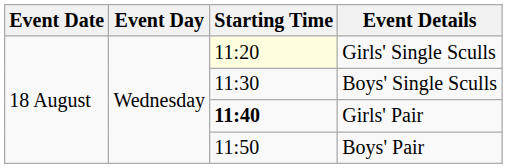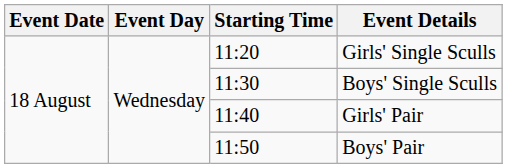 <table class="wikitable">
 <tr>
 <th>Event Date</th>
 <th>Event Day</th>
 <th>Starting Time</th>
 <th>Event Details</th>
 </tr>
 <tr>
 <td rowspan=4>18 August</td>
 <td rowspan=4>Wednesday</td>
-<td style="background: lightyellow;">11:20</td>
+<td>11:20</td>
 <td>Girls' Single Sculls</td>
 </tr>
 <tr>
 <td>11:30</td>
 <td>Boys' Single Sculls</td>
 </tr>
 <tr>
-<td><strong>11:40</strong></td>
+<td>11:40</td>
 <td>Girls' Pair</td>
 </tr>
 <tr>
 <td>11:50</td>
 <td>Boys' Pair</td>
 </tr>
 </table>
